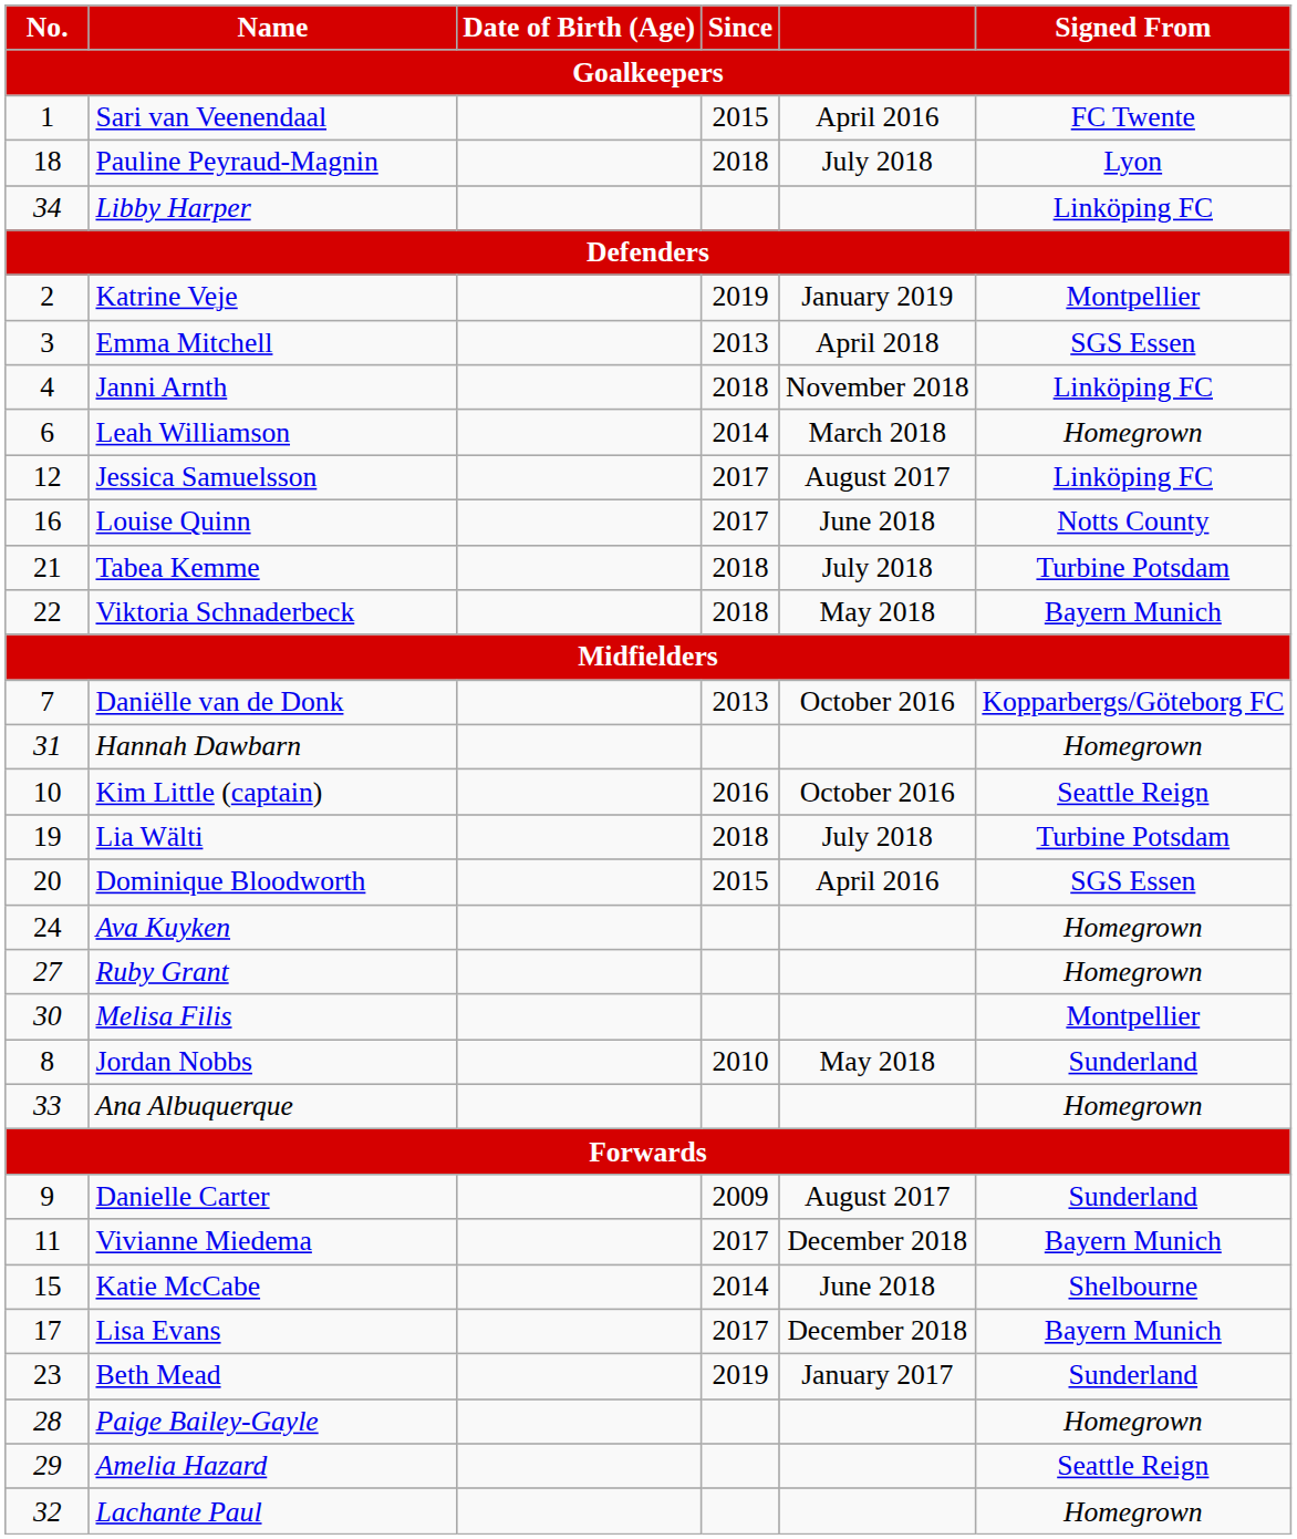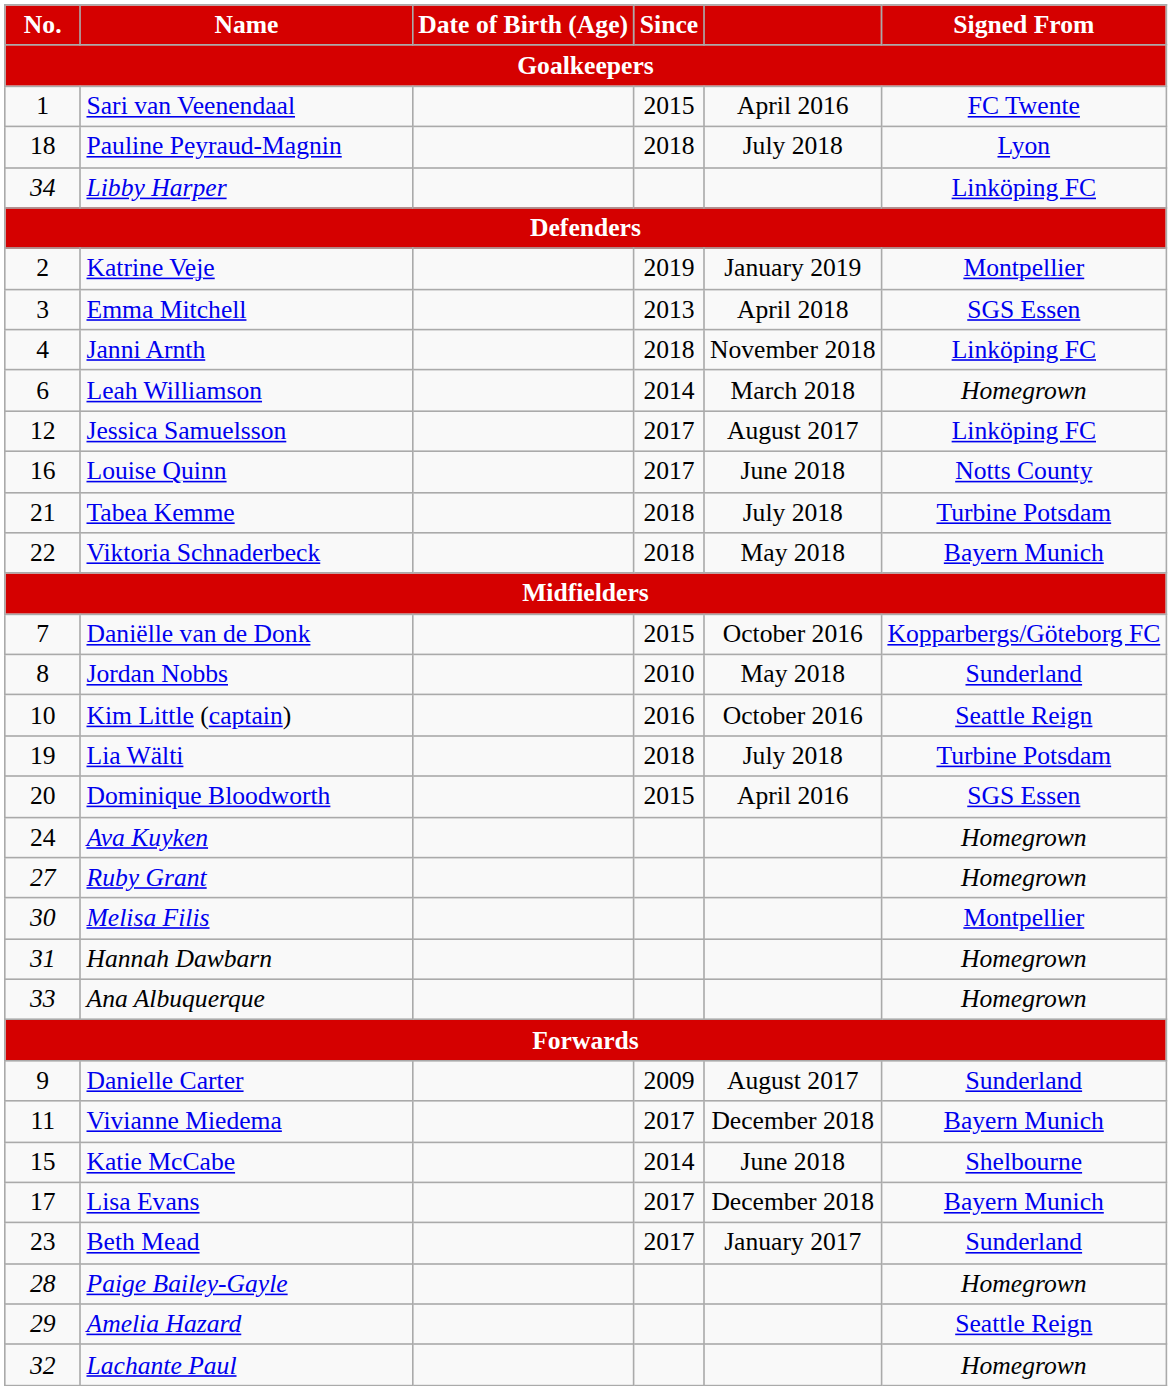 <table class="wikitable" style="text-align:center; font-size:100%; ">
 <tr>
 <th style="background:#d50000; color:white; text-align:center; width:40px">No.</th>
 <th style="background:#d50000; color:white; text-align:center;width:200px">Name</th>
 <th style="background:#d50000; color:white; text-align:center;">Date of Birth (Age)</th>
 <th style="background:#d50000; color:white; text-align:center;">Since</th>
 <th style="background:#d50000; color:white; text-align:center;"></th>
 <th style="background:#d50000; color:white; text-align:center;">Signed From</th>
 </tr>
 <tr>
 <th colspan="6" style="background:#d50000; color:white; text-align:center">Goalkeepers</th>
 </tr>
 <tr>
 <td>1</td>
 <td style="text-align: left"> <a href='#'>Sari van Veenendaal</a></td>
 <td></td>
 <td>2015</td>
 <td>April 2016</td>
 <td> <a href='#'>FC Twente</a></td>
 </tr>
 <tr>
 <td>18</td>
 <td style="text-align: left"> <a href='#'>Pauline Peyraud-Magnin</a></td>
 <td></td>
 <td>2018</td>
 <td>July 2018</td>
 <td> <a href='#'>Lyon</a></td>
 </tr>
 <tr>
 <td><em>34</em></td>
 <td style="text-align: left"> <em><a href='#'>Libby Harper</a></em></td>
 <td><em></em></td>
 <td></td>
 <td></td>
 <td> <a href='#'>Linköping FC</a></td>
 </tr>
 <tr>
 <th colspan="6" style="background:#d50000; color:white; text-align:center">Defenders</th>
 </tr>
 <tr>
 <td>2</td>
 <td style="text-align: left"> <a href='#'>Katrine Veje</a></td>
 <td></td>
 <td>2019</td>
 <td>January 2019</td>
 <td> <a href='#'>Montpellier</a></td>
 </tr>
 <tr>
 <td>3</td>
 <td style="text-align: left"> <a href='#'>Emma Mitchell</a></td>
 <td></td>
 <td>2013</td>
 <td>April 2018</td>
 <td> <a href='#'>SGS Essen</a></td>
 </tr>
 <tr>
 <td>4</td>
 <td style="text-align: left"> <a href='#'>Janni Arnth</a></td>
 <td></td>
 <td>2018</td>
 <td>November 2018</td>
 <td> <a href='#'>Linköping FC</a></td>
 </tr>
 <tr>
 <td>6</td>
 <td style="text-align: left"> <a href='#'>Leah Williamson</a></td>
 <td></td>
 <td>2014</td>
 <td>March 2018</td>
 <td><em>Homegrown</em></td>
 </tr>
 <tr>
 <td>12</td>
 <td style="text-align: left"> <a href='#'>Jessica Samuelsson</a></td>
 <td></td>
 <td>2017</td>
 <td>August 2017</td>
 <td> <a href='#'>Linköping FC</a></td>
 </tr>
 <tr>
 <td>16</td>
 <td style="text-align: left"> <a href='#'>Louise Quinn</a></td>
 <td></td>
 <td>2017</td>
 <td>June 2018</td>
 <td> <a href='#'>Notts County</a></td>
 </tr>
 <tr>
 <td>21</td>
 <td style="text-align: left"> <a href='#'>Tabea Kemme</a></td>
 <td></td>
 <td>2018</td>
 <td>July 2018</td>
 <td> <a href='#'>Turbine Potsdam</a></td>
 </tr>
 <tr>
 <td>22</td>
 <td style="text-align: left"> <a href='#'>Viktoria Schnaderbeck</a></td>
 <td></td>
 <td>2018</td>
 <td>May 2018</td>
 <td> <a href='#'>Bayern Munich</a></td>
 </tr>
 <tr>
 <th colspan="6" style="background:#d50000; color:white; text-align:center">Midfielders</th>
 </tr>
 <tr>
 <td>7</td>
 <td style="text-align: left"> <a href='#'>Daniëlle van de Donk</a></td>
 <td></td>
-<td>2013</td>
+<td>2015</td>
 <td>October 2016</td>
 <td> <a href='#'>Kopparbergs/Göteborg FC</a></td>
 </tr>
 <tr>
-<td><em>31</em></td>
-<td style="text-align: left"> <em>Hannah Dawbarn</em></td>
+<td>8</td>
+<td style="text-align: left"> <a href='#'>Jordan Nobbs</a></td>
 <td></td>
-<td></td>
-<td></td>
-<td><em>Homegrown</em></td>
+<td>2010</td>
+<td>May 2018</td>
+<td> <a href='#'>Sunderland</a></td>
 </tr>
 <tr>
 <td>10</td>
 <td style="text-align: left"> <a href='#'>Kim Little</a> (<a href='#'>captain</a>)</td>
 <td></td>
 <td>2016</td>
 <td>October 2016</td>
 <td> <a href='#'>Seattle Reign</a></td>
 </tr>
 <tr>
 <td>19</td>
 <td style="text-align: left"> <a href='#'>Lia Wälti</a></td>
 <td></td>
 <td>2018</td>
 <td>July 2018</td>
 <td> <a href='#'>Turbine Potsdam</a></td>
 </tr>
 <tr>
 <td>20</td>
 <td style="text-align: left"> <a href='#'>Dominique Bloodworth</a></td>
 <td></td>
 <td>2015</td>
 <td>April 2016</td>
 <td> <a href='#'>SGS Essen</a></td>
 </tr>
 <tr>
 <td>24</td>
 <td style="text-align: left"> <em><a href='#'>Ava Kuyken</a></em></td>
 <td><em></em></td>
 <td></td>
 <td></td>
 <td><em>Homegrown</em></td>
 </tr>
 <tr>
 <td><em>27</em></td>
 <td style="text-align: left"> <em><a href='#'>Ruby Grant</a></em></td>
 <td><em></em></td>
 <td></td>
 <td></td>
 <td><em>Homegrown</em></td>
 </tr>
 <tr>
 <td><em>30</em></td>
 <td style="text-align: left"> <em><a href='#'>Melisa Filis</a></em></td>
 <td><em></em></td>
 <td></td>
 <td></td>
 <td> <a href='#'>Montpellier</a></td>
 </tr>
 <tr>
-<td>8</td>
-<td style="text-align: left"> <a href='#'>Jordan Nobbs</a></td>
+<td><em>31</em></td>
+<td style="text-align: left"> <em>Hannah Dawbarn</em></td>
 <td></td>
-<td>2010</td>
-<td>May 2018</td>
-<td> <a href='#'>Sunderland</a></td>
+<td></td>
+<td></td>
+<td><em>Homegrown</em></td>
 </tr>
 <tr>
 <td><em>33</em></td>
 <td style="text-align: left"> <em>Ana Albuquerque</em></td>
 <td><em></em></td>
 <td></td>
 <td></td>
 <td><em>Homegrown</em></td>
 </tr>
 <tr>
 <th colspan="6" style="background:#d50000; color:white; text-align:center">Forwards</th>
 </tr>
 <tr>
 <td>9</td>
 <td style="text-align: left"> <a href='#'>Danielle Carter</a></td>
 <td></td>
 <td>2009</td>
 <td>August 2017</td>
 <td> <a href='#'>Sunderland</a></td>
 </tr>
 <tr>
 <td>11</td>
 <td style="text-align: left"> <a href='#'>Vivianne Miedema</a></td>
 <td></td>
 <td>2017</td>
 <td>December 2018</td>
 <td> <a href='#'>Bayern Munich</a></td>
 </tr>
 <tr>
 <td>15</td>
 <td style="text-align: left"> <a href='#'>Katie McCabe</a></td>
 <td></td>
 <td>2014</td>
 <td>June 2018</td>
 <td> <a href='#'>Shelbourne</a></td>
 </tr>
 <tr>
 <td>17</td>
 <td style="text-align: left"> <a href='#'>Lisa Evans</a></td>
 <td></td>
 <td>2017</td>
 <td>December 2018</td>
 <td> <a href='#'>Bayern Munich</a></td>
 </tr>
 <tr>
 <td>23</td>
 <td style="text-align: left"> <a href='#'>Beth Mead</a></td>
 <td></td>
-<td>2019</td>
+<td>2017</td>
 <td>January 2017</td>
 <td> <a href='#'>Sunderland</a></td>
 </tr>
 <tr>
 <td><em>28</em></td>
 <td style="text-align: left"> <em><a href='#'>Paige Bailey-Gayle</a></em></td>
 <td><em></em></td>
 <td></td>
 <td></td>
 <td><em>Homegrown</em></td>
 </tr>
 <tr>
 <td><em>29</em></td>
 <td style="text-align: left"> <em><a href='#'>Amelia Hazard</a></em></td>
 <td><em></em></td>
 <td></td>
 <td></td>
 <td> <a href='#'>Seattle Reign</a></td>
 </tr>
 <tr>
 <td><em>32</em></td>
 <td style="text-align: left"> <em><a href='#'>Lachante Paul</a></em></td>
 <td><em></em></td>
 <td></td>
 <td></td>
 <td><em>Homegrown</em></td>
 </tr>
 </table>
